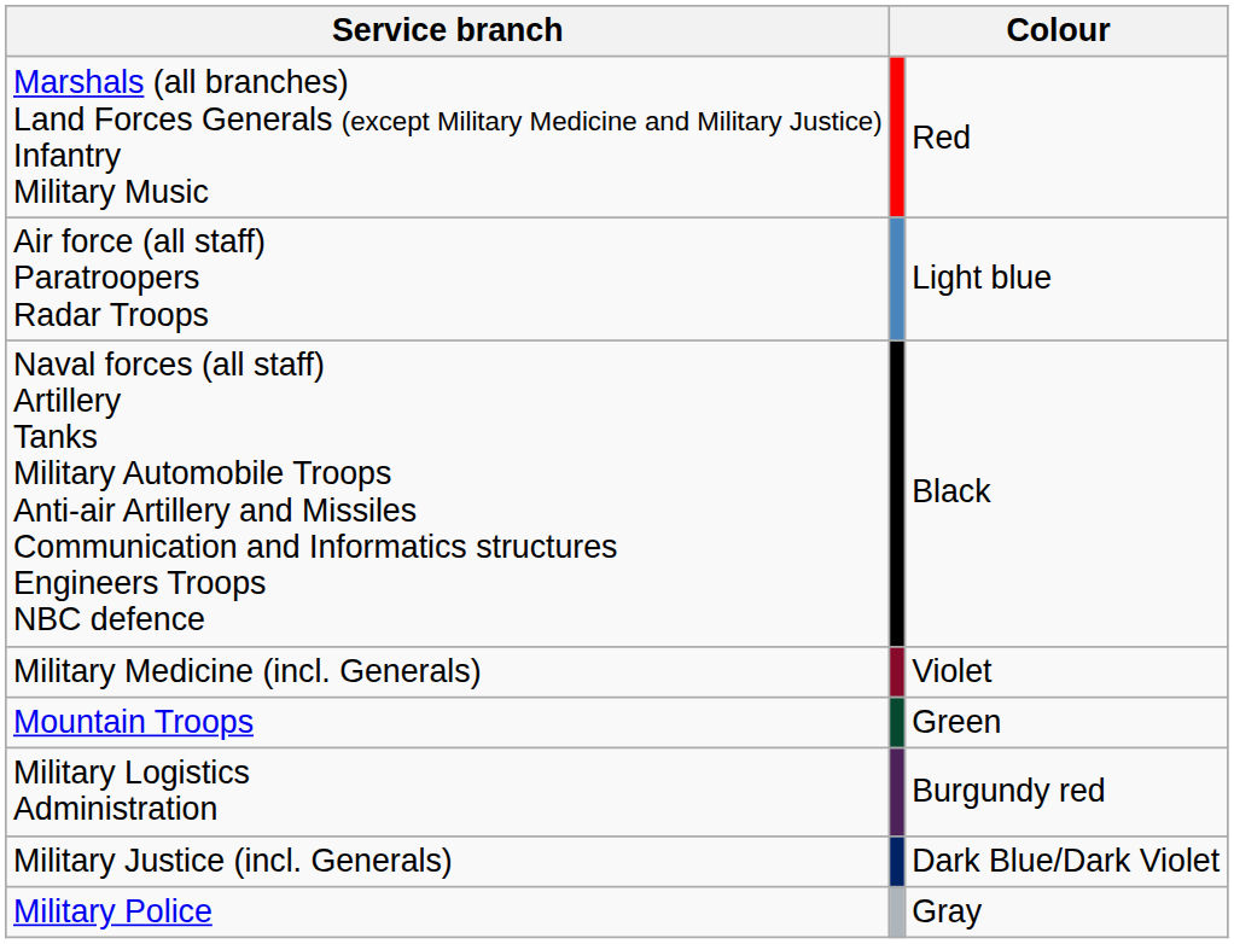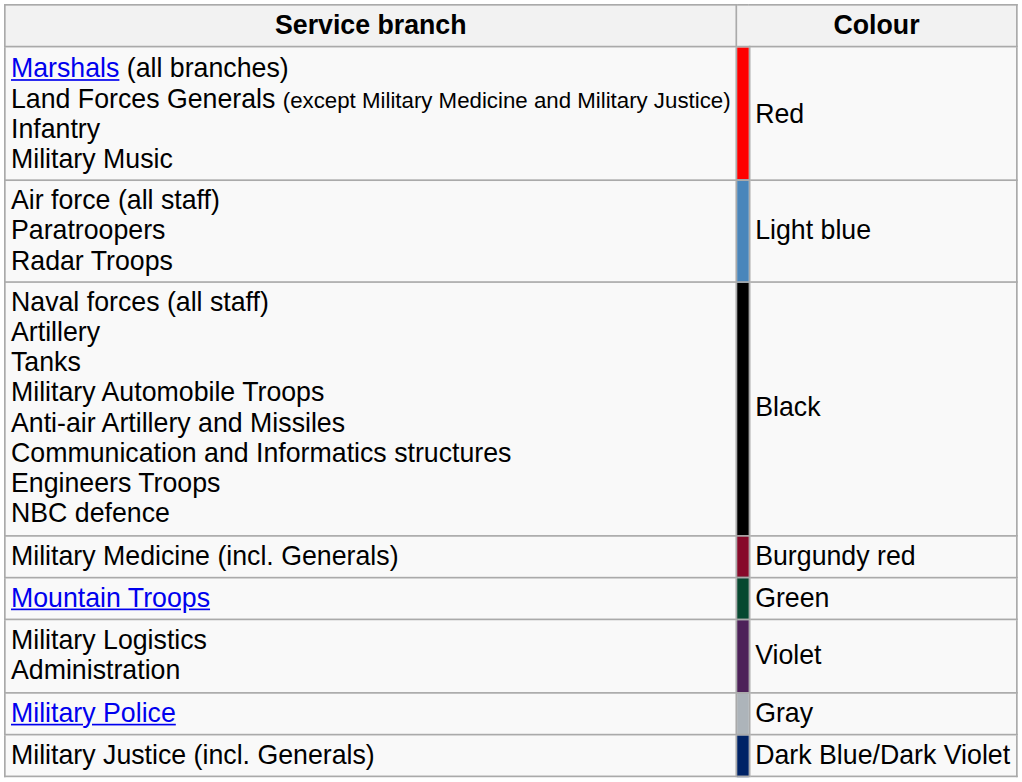 <table class="wikitable">
 <tr>
 <th>Service branch</th>
 <th colspan=2>Colour</th>
 </tr>
 <tr>
 <td><a href='#'>Marshals</a> (all branches)<br>Land Forces Generals <small>(except Military Medicine and Military Justice)</small><br>Infantry<br>Military Music</td>
 <td style="background:red;"></td>
 <td>Red</td>
 </tr>
 <tr>
 <td>Air force (all staff)<br>Paratroopers<br>Radar Troops</td>
 <td style="background:#4a86bb;;"></td>
 <td>Light blue</td>
 </tr>
 <tr>
 <td>Naval forces (all staff)<br>Artillery<br>Tanks<br>Military Automobile Troops<br>Anti-air Artillery and Missiles<br>Communication and Informatics structures<br>Engineers Troops<br>NBC defence</td>
 <td style="background:black;"></td>
 <td>Black</td>
 </tr>
 <tr>
 <td>Military Medicine (incl. Generals)</td>
 <td style="background:#870a2a;"></td>
-<td>Violet</td>
+<td>Burgundy red</td>
 </tr>
 <tr>
 <td><a href='#'>Mountain Troops</a></td>
 <td style="background:#064830;"></td>
 <td>Green</td>
 </tr>
 <tr>
 <td>Military Logistics<br>Administration</td>
 <td style="background:#4d2159;"></td>
-<td>Burgundy red</td>
+<td>Violet</td>
+</tr>
+<tr>
+<td><a href='#'>Military Police</a></td>
+<td style="background:#adb4ba;"></td>
+<td>Gray</td>
 </tr>
 <tr>
 <td>Military Justice (incl. Generals)</td>
 <td style="background:#002366;"></td>
 <td>Dark Blue/Dark Violet</td>
 </tr>
-<tr>
-<td><a href='#'>Military Police</a></td>
-<td style="background:#adb4ba;"></td>
-<td>Gray</td>
-</tr>
 </table>
